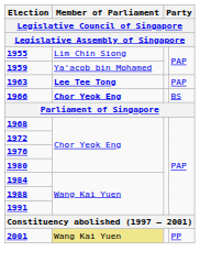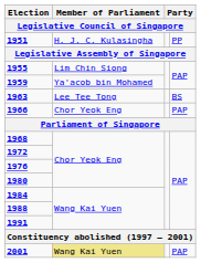 <table class="wikitable">
 <tr>
 <th>Election</th>
 <th>Member of Parliament</th>
 <th colspan="2">Party</th>
 </tr>
 <tr>
 <th colspan="4"><a href='#'>Legislative Council of Singapore</a></th>
+</tr>
+<tr>
+<td><a href='#'><strong>1951</strong></a></td>
+<td><a href='#'>H. J. C. Kulasingha</a></td>
+<td></td>
+<td><a href='#'>PP</a></td>
 </tr>
 <tr>
 <th colspan="4"><a href='#'>Legislative Assembly of Singapore</a></th>
 </tr>
 <tr>
 <td><a href='#'><strong>1955</strong></a></td>
 <td><a href='#'>Lim Chin Siong</a></td>
 <td rowspan="2"></td>
 <td rowspan="2"><a href='#'>PAP</a></td>
 </tr>
 <tr>
 <td><a href='#'><strong>1959</strong></a></td>
 <td><a href='#'>Ya'acob bin Mohamed</a></td>
 </tr>
 <tr>
 <td><a href='#'><strong>1963</strong></a></td>
-<td><strong><a href='#'>Lee Tee Tong</a></strong></td>
+<td><a href='#'>Lee Tee Tong</a></td>
 <td></td>
-<td><a href='#'>PAP</a></td>
+<td><a href='#'>BS</a></td>
 </tr>
 <tr>
 <td><a href='#'><strong>1966</strong></a></td>
-<td><strong><a href='#'>Chor Yeok Eng</a></strong></td>
+<td><a href='#'>Chor Yeok Eng</a></td>
 <td></td>
-<td><a href='#'>BS</a></td>
+<td><a href='#'>PAP</a></td>
 </tr>
 <tr>
 <th colspan="4"><a href='#'>Parliament of Singapore</a></th>
 </tr>
 <tr>
 <td><a href='#'><strong>1968</strong></a></td>
 <td rowspan="4"><a href='#'>Chor Yeok Eng</a></td>
 <td rowspan="7"></td>
 <td rowspan="7"><a href='#'>PAP</a></td>
 </tr>
 <tr>
 <td><a href='#'><strong>1972</strong></a></td>
 </tr>
 <tr>
 <td><a href='#'><strong>1976</strong></a></td>
 </tr>
 <tr>
 <td><a href='#'><strong>1980</strong></a></td>
 </tr>
 <tr>
 <td><a href='#'><strong>1984</strong></a></td>
 <td rowspan="3"><a href='#'>Wang Kai Yuen</a></td>
 </tr>
 <tr>
 <td><a href='#'><strong>1988</strong></a></td>
 </tr>
 <tr>
 <td><a href='#'><strong>1991</strong></a></td>
 </tr>
 <tr>
 <th colspan="4">Constituency abolished (1997 – 2001)</th>
 </tr>
 <tr>
 <td><a href='#'><strong>2001</strong></a></td>
 <td style="background: khaki;">Wang Kai Yuen</td>
 <td></td>
-<td><a href='#'>PP</a></td>
+<td><a href='#'>PAP</a></td>
 </tr>
 </table>
